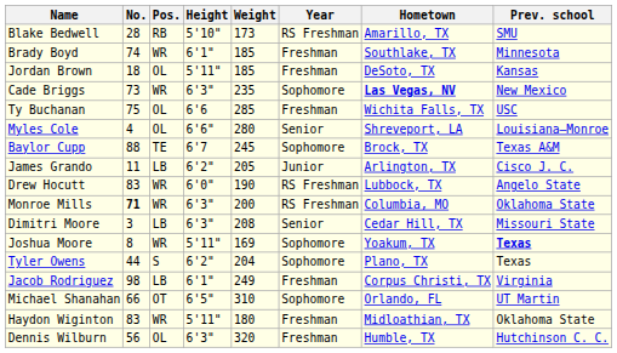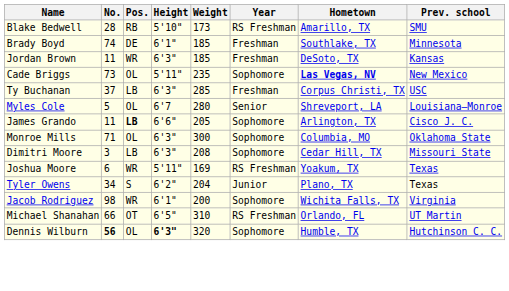 <table class="wikitable sortable">
 <tr>
 <th>Name</th>
 <th>No.</th>
 <th>Pos.</th>
 <th>Height</th>
 <th>Weight</th>
 <th>Year</th>
 <th>Hometown</th>
 <th class="unsortable">Prev. school</th>
 </tr>
 <tr style="background:#FFFFE6;">
 <td>Blake Bedwell</td>
 <td>28</td>
 <td>RB</td>
 <td>5'10"</td>
 <td>173</td>
 <td>RS Freshman</td>
 <td><a href='#'>Amarillo, TX</a></td>
 <td><a href='#'>SMU</a></td>
 </tr>
 <tr style="background:#FFFFE6;">
 <td>Brady Boyd</td>
 <td>74</td>
-<td>WR</td>
+<td>DE</td>
 <td>6'1"</td>
 <td>185</td>
 <td>Freshman</td>
 <td><a href='#'>Southlake, TX</a></td>
 <td><a href='#'>Minnesota</a></td>
 </tr>
 <tr style="background:#FFFFE6;">
 <td>Jordan Brown</td>
-<td>18</td>
-<td>OL</td>
-<td>5'11"</td>
+<td>11</td>
+<td>WR</td>
+<td>6'3"</td>
 <td>185</td>
 <td>Freshman</td>
 <td><a href='#'>DeSoto, TX</a></td>
 <td><a href='#'>Kansas</a></td>
 </tr>
 <tr style="background:#FFFFE6;">
 <td>Cade Briggs</td>
 <td>73</td>
-<td>WR</td>
-<td>6'3"</td>
+<td>OL</td>
+<td>5'11"</td>
 <td>235</td>
 <td>Sophomore</td>
 <td><strong><a href='#'>Las Vegas, NV</a></strong></td>
 <td><a href='#'>New Mexico</a></td>
 </tr>
 <tr style="background:#FFFFE6;">
 <td>Ty Buchanan</td>
-<td>75</td>
-<td>OL</td>
-<td>6'6</td>
+<td>37</td>
+<td>LB</td>
+<td>6'3"</td>
 <td>285</td>
 <td>Freshman</td>
-<td><a href='#'>Wichita Falls, TX</a></td>
+<td><a href='#'>Corpus Christi, TX</a></td>
 <td><a href='#'>USC</a></td>
 </tr>
 <tr style="background:#FFFFE6;">
 <td><a href='#'>Myles Cole</a></td>
-<td>4</td>
+<td>5</td>
 <td>OL</td>
-<td>6'6"</td>
+<td>6'7</td>
 <td>280</td>
 <td>Senior</td>
 <td><a href='#'>Shreveport, LA</a></td>
 <td><a href='#'>Louisiana–Monroe</a></td>
 </tr>
 <tr style="background:#FFFFE6;">
-<td><a href='#'>Baylor Cupp</a></td>
-<td>88</td>
-<td>TE</td>
-<td>6'7</td>
-<td>245</td>
-<td>Sophomore</td>
-<td><a href='#'>Brock, TX</a></td>
-<td><a href='#'>Texas A&M</a></td>
-</tr>
-<tr style="background:#FFFFE6;">
 <td>James Grando</td>
 <td>11</td>
-<td>LB</td>
-<td>6'2"</td>
+<td><strong>LB</strong></td>
+<td>6'6"</td>
 <td>205</td>
-<td>Junior</td>
+<td>Sophomore</td>
 <td><a href='#'>Arlington, TX</a></td>
 <td><a href='#'>Cisco J. C.</a></td>
 </tr>
 <tr style="background:#FFFFE6;">
-<td>Drew Hocutt</td>
-<td>83</td>
-<td>WR</td>
-<td>6'0"</td>
-<td>190</td>
-<td>RS Freshman</td>
-<td><a href='#'>Lubbock, TX</a></td>
-<td><a href='#'>Angelo State</a></td>
-</tr>
-<tr style="background:#FFFFE6;">
 <td>Monroe Mills</td>
-<td><strong>71</strong></td>
-<td>WR</td>
+<td>71</td>
+<td>OL</td>
 <td>6'3"</td>
-<td>200</td>
-<td>RS Freshman</td>
+<td>300</td>
+<td>Sophomore</td>
 <td><a href='#'>Columbia, MO</a></td>
 <td><a href='#'>Oklahoma State</a></td>
 </tr>
 <tr style="background:#FFFFE6;">
 <td>Dimitri Moore</td>
 <td>3</td>
 <td>LB</td>
 <td>6'3"</td>
 <td>208</td>
-<td>Senior</td>
+<td>Sophomore</td>
 <td><a href='#'>Cedar Hill, TX</a></td>
 <td><a href='#'>Missouri State</a></td>
 </tr>
 <tr style="background:#FFFFE6;">
 <td>Joshua Moore</td>
-<td>8</td>
+<td>6</td>
 <td>WR</td>
 <td>5'11"</td>
 <td>169</td>
-<td>Sophomore</td>
+<td>RS Freshman</td>
 <td><a href='#'>Yoakum, TX</a></td>
-<td><strong><a href='#'>Texas</a></strong></td>
+<td><a href='#'>Texas</a></td>
 </tr>
 <tr style="background:#FFFFE6;">
 <td><a href='#'>Tyler Owens</a></td>
-<td>44</td>
+<td>34</td>
 <td>S</td>
 <td>6'2"</td>
 <td>204</td>
-<td>Sophomore</td>
+<td>Junior</td>
 <td><a href='#'>Plano, TX</a></td>
 <td>Texas</td>
 </tr>
 <tr style="background:#FFFFE6;">
 <td><a href='#'>Jacob Rodriguez</a></td>
 <td>98</td>
-<td>LB</td>
+<td>WR</td>
 <td>6'1"</td>
-<td>249</td>
-<td>Freshman</td>
-<td><a href='#'>Corpus Christi, TX</a></td>
+<td>200</td>
+<td>Sophomore</td>
+<td><a href='#'>Wichita Falls, TX</a></td>
 <td><a href='#'>Virginia</a></td>
 </tr>
 <tr style="background:#FFFFE6;">
 <td>Michael Shanahan</td>
 <td>66</td>
 <td>OT</td>
 <td>6'5"</td>
 <td>310</td>
-<td>Sophomore</td>
+<td>RS Freshman</td>
 <td><a href='#'>Orlando, FL</a></td>
 <td><a href='#'>UT Martin</a></td>
 </tr>
 <tr style="background:#FFFFE6;">
-<td>Haydon Wiginton</td>
-<td>83</td>
-<td>WR</td>
-<td>5'11"</td>
-<td>180</td>
-<td>Freshman</td>
-<td><a href='#'>Midloathian, TX</a></td>
-<td>Oklahoma State</td>
-</tr>
-<tr style="background:#FFFFE6;">
 <td>Dennis Wilburn</td>
-<td>56</td>
+<td><strong>56</strong></td>
 <td>OL</td>
-<td>6'3"</td>
+<td><strong>6'3"</strong></td>
 <td>320</td>
-<td>Freshman</td>
+<td>Sophomore</td>
 <td><a href='#'>Humble, TX</a></td>
 <td><a href='#'>Hutchinson C. C.</a></td>
 </tr>
 </table>
